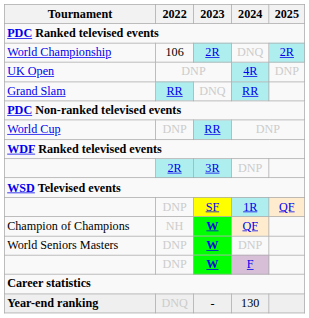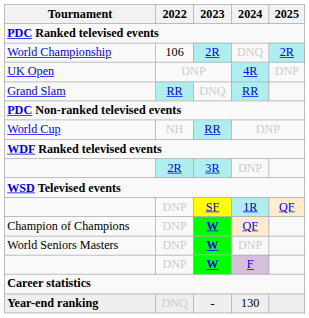 <table class="wikitable" style="width:25%; margin:0">
 <tr>
 <th>Tournament</th>
 <th>2022</th>
 <th>2023</th>
 <th>2024</th>
 <th>2025</th>
 </tr>
 <tr>
 <td colspan="20" align="left"><strong><a href='#'>PDC</a> Ranked televised events</strong></td>
 </tr>
 <tr>
 <td align=left><a href='#'>World Championship</a></td>
 <td style="text-align:center;">106</td>
 <td style="text-align:center; background:#afeeee;"><a href='#'>2R</a></td>
 <td style="text-align:center; color:#ccc;">DNQ</td>
 <td style="text-align:center; background:#afeeee;"><a href='#'>2R</a></td>
 </tr>
 <tr>
 <td><a href='#'>UK Open</a></td>
 <td style="text-align:center; color:#ccc;" colspan="2;">DNP</td>
 <td style="text-align:center; background:#afeeee;"><a href='#'>4R</a></td>
 <td style="text-align:center; color:#ccc;">DNP</td>
 </tr>
 <tr>
 <td align=left><a href='#'>Grand Slam</a></td>
 <td style="text-align:center; background:#afeeee;"><a href='#'>RR</a></td>
 <td style="text-align:center; color:#ccc;">DNQ</td>
 <td style="text-align:center; background:#afeeee;"><a href='#'>RR</a></td>
 <td></td>
 </tr>
 <tr>
 <td colspan="20" align="left"><strong><a href='#'>PDC</a> Non-ranked televised events</strong></td>
 </tr>
 <tr>
 <td align=left><a href='#'>World Cup</a></td>
-<td style="text-align:center; color:#ccc;">DNP</td>
+<td style="text-align:center; color:#ccc;">NH</td>
 <td style="text-align:center; background:#afeeee;"><a href='#'>RR</a></td>
 <td colspan="2" style="text-align:center; color:#ccc;">DNP</td>
 </tr>
 <tr>
 <td colspan="31" align="left"><strong><a href='#'>WDF</a> Ranked televised events</strong></td>
 </tr>
 <tr>
 <td align=left></td>
 <td style="text-align:center; background:#afeeee;"><a href='#'>2R</a></td>
 <td style="text-align:center; background:#afeeee;"><a href='#'>3R</a></td>
 <td style="text-align:center; color:#ccc;">DNP</td>
 <td></td>
 </tr>
 <tr>
 <td colspan="20" align="left"><strong><a href='#'>WSD</a> Televised events</strong></td>
 </tr>
 <tr>
 <td align=left></td>
 <td style="text-align:center; color:#ccc;">DNP</td>
 <td style="text-align:center; background:yellow;"><a href='#'>SF</a></td>
 <td style="text-align:center; background:#afeeee;"><a href='#'>1R</a></td>
 <td style="text-align:center; background:#ffebcd;"><a href='#'>QF</a></td>
 </tr>
 <tr>
 <td align=left>Champion of Champions</td>
-<td style="text-align:center; color:#ccc;">NH</td>
+<td style="text-align:center; color:#ccc;">DNP</td>
 <td style="text-align:center; background:lime;"><strong><a href='#'>W</a></strong></td>
 <td style="text-align:center; background:#ffebcd;"><a href='#'>QF</a></td>
 <td></td>
 </tr>
 <tr>
 <td align=left>World Seniors Masters</td>
 <td style="text-align:center; color:#ccc;">DNP</td>
 <td style="text-align:center; background:lime;"><strong><a href='#'>W</a></strong></td>
 <td style="text-align:center; color:#ccc;">DNP</td>
 <td></td>
 </tr>
 <tr>
 <td align=left></td>
 <td style="text-align:center; color:#ccc;">DNP</td>
 <td style="text-align:center; background:lime;"><strong><a href='#'>W</a></strong></td>
 <td style="text-align:center; background:thistle;"><a href='#'>F</a></td>
 <td></td>
 </tr>
 <tr>
 <td colspan="21" align="left"><strong>Career statistics</strong></td>
 </tr>
 <tr bgcolor="efefef">
 <td align="left"><strong>Year-end ranking</strong></td>
 <td style="text-align:center; color:#ccc;">DNQ</td>
 <td style="text-align:center;">-</td>
 <td style="text-align:center;">130</td>
 <td style="text-align:center;"></td>
 </tr>
 </table>
